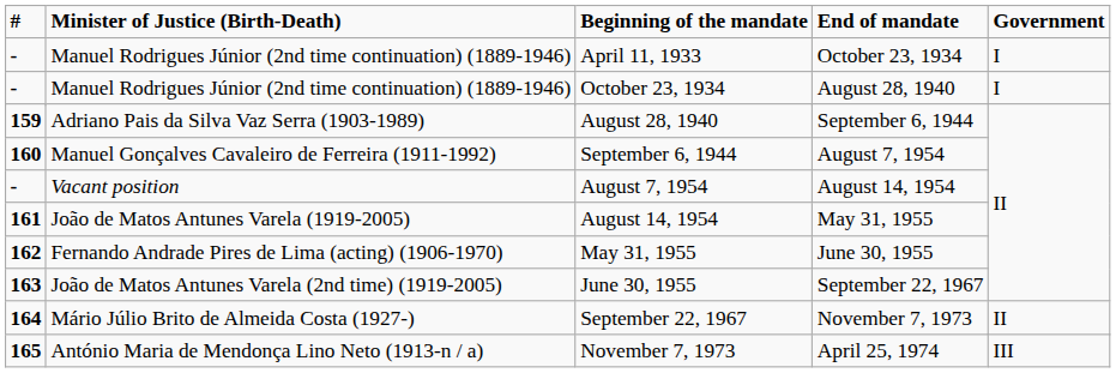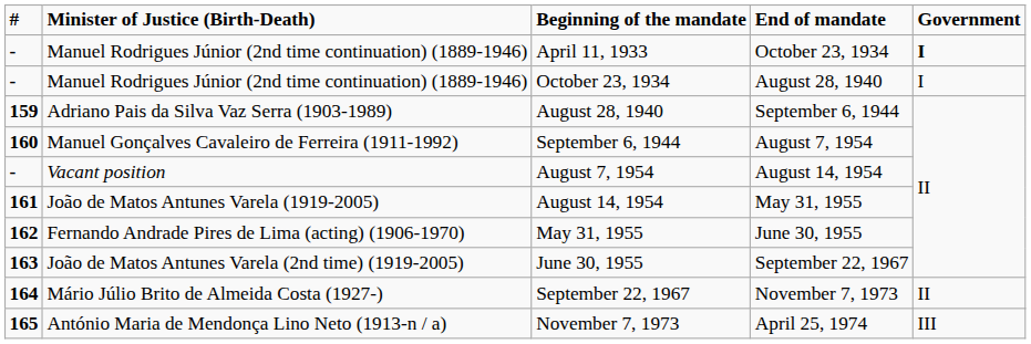 <table class="wikitable">
 <tr>
 <td><strong>#</strong></td>
 <td><strong>Minister of Justice (Birth-Death)</strong></td>
 <td><strong>Beginning of the mandate</strong></td>
 <td><strong>End of mandate</strong></td>
 <td><strong>Government</strong></td>
 </tr>
 <tr>
 <td><strong>-</strong></td>
 <td>Manuel Rodrigues Júnior (2nd time continuation) (1889-1946)</td>
 <td>April 11, 1933</td>
 <td>October 23, 1934</td>
-<td>I</td>
+<td><strong>I</strong></td>
 </tr>
 <tr>
 <td rowspan="2"><strong>-</strong></td>
 <td rowspan="2">Manuel Rodrigues Júnior (2nd time continuation) (1889-1946)</td>
 <td rowspan="2">October 23, 1934</td>
 <td rowspan="2">August 28, 1940</td>
 <td>I</td>
 </tr>
 <tr>
 <td rowspan="7">II</td>
 </tr>
 <tr>
 <td><strong>159</strong></td>
 <td>Adriano Pais da Silva Vaz Serra (1903-1989)</td>
 <td>August 28, 1940</td>
 <td>September 6, 1944</td>
 </tr>
 <tr>
 <td><strong>160</strong></td>
 <td>Manuel Gonçalves Cavaleiro de Ferreira (1911-1992)</td>
 <td>September 6, 1944</td>
 <td>August 7, 1954</td>
 </tr>
 <tr>
 <td><strong>-</strong></td>
 <td><em>Vacant position</em></td>
 <td>August 7, 1954</td>
 <td>August 14, 1954</td>
 </tr>
 <tr>
 <td><strong>161</strong></td>
 <td>João de Matos Antunes Varela (1919-2005)</td>
 <td>August 14, 1954</td>
 <td>May 31, 1955</td>
 </tr>
 <tr>
 <td><strong>162</strong></td>
 <td>Fernando Andrade Pires de Lima (acting) (1906-1970)</td>
 <td>May 31, 1955</td>
 <td>June 30, 1955</td>
 </tr>
 <tr>
 <td><strong>163</strong></td>
 <td>João de Matos Antunes Varela (2nd time) (1919-2005)</td>
 <td>June 30, 1955</td>
 <td>September 22, 1967</td>
 </tr>
 <tr>
 <td rowspan="2"><strong>164</strong></td>
 <td rowspan="2">Mário Júlio Brito de Almeida Costa (1927-)</td>
 <td rowspan="2">September 22, 1967</td>
 <td rowspan="2">November 7, 1973</td>
 <td>II</td>
 </tr>
 <tr>
 <td rowspan="2">III</td>
 </tr>
 <tr>
 <td><strong>165</strong></td>
 <td>António Maria de Mendonça Lino Neto (1913-n / a)</td>
 <td>November 7, 1973</td>
 <td>April 25, 1974</td>
 </tr>
 </table>
